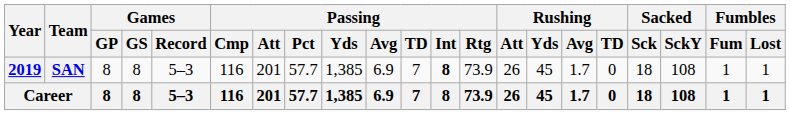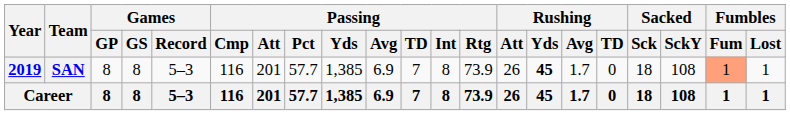 <table class="wikitable" style="text-align:center;">
 <tr>
 <th rowspan="2">Year</th>
 <th rowspan="2">Team</th>
 <th colspan="3">Games</th>
 <th colspan="8">Passing</th>
 <th colspan="4">Rushing</th>
 <th colspan="2">Sacked</th>
 <th colspan="2">Fumbles</th>
 </tr>
 <tr>
 <th>GP</th>
 <th>GS</th>
 <th>Record</th>
 <th>Cmp</th>
 <th>Att</th>
 <th>Pct</th>
 <th>Yds</th>
 <th>Avg</th>
 <th>TD</th>
 <th>Int</th>
 <th>Rtg</th>
 <th>Att</th>
 <th>Yds</th>
 <th>Avg</th>
 <th>TD</th>
 <th>Sck</th>
 <th>SckY</th>
 <th>Fum</th>
 <th>Lost</th>
 </tr>
 <tr>
 <th><a href='#'>2019</a></th>
 <th><a href='#'>SAN</a></th>
 <td>8</td>
 <td>8</td>
 <td>5–3</td>
 <td>116</td>
 <td>201</td>
 <td>57.7</td>
 <td>1,385</td>
 <td>6.9</td>
 <td>7</td>
-<td><strong>8</strong></td>
+<td>8</td>
 <td>73.9</td>
 <td>26</td>
-<td>45</td>
+<td><strong>45</strong></td>
 <td>1.7</td>
 <td>0</td>
 <td>18</td>
 <td>108</td>
-<td>1</td>
+<td style="background: lightsalmon;">1</td>
 <td>1</td>
 </tr>
 <tr>
 <th colspan="2">Career</th>
 <th>8</th>
 <th>8</th>
 <th>5–3</th>
 <th>116</th>
 <th>201</th>
 <th>57.7</th>
 <th>1,385</th>
 <th>6.9</th>
 <th>7</th>
 <th>8</th>
 <th>73.9</th>
 <th>26</th>
 <th>45</th>
 <th>1.7</th>
 <th>0</th>
 <th>18</th>
 <th>108</th>
 <th>1</th>
 <th>1</th>
 </tr>
 </table>
